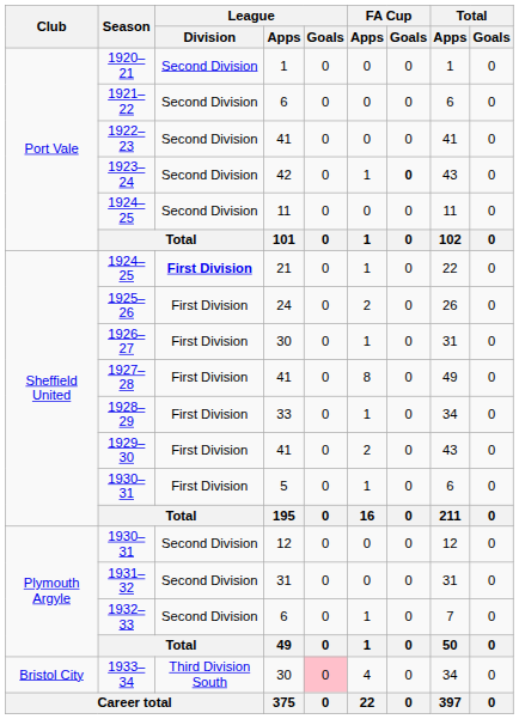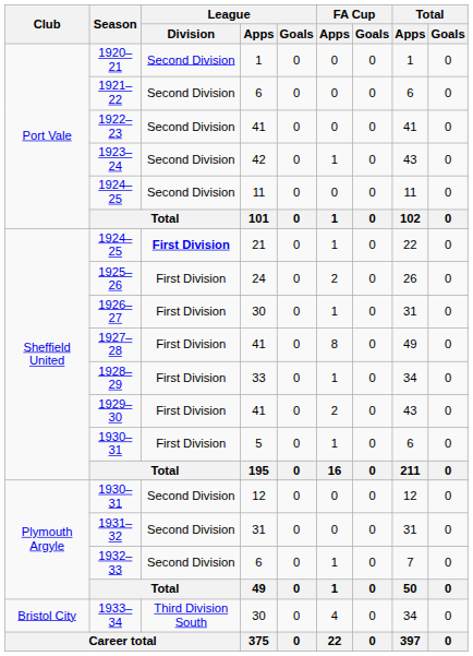 <table class="wikitable" style="text-align: center;">
 <tr>
 <th rowspan="2">Club</th>
 <th rowspan="2">Season</th>
 <th colspan="3">League</th>
 <th colspan="2">FA Cup</th>
 <th colspan="2">Total</th>
 </tr>
 <tr>
 <th>Division</th>
 <th>Apps</th>
 <th>Goals</th>
 <th>Apps</th>
 <th>Goals</th>
 <th>Apps</th>
 <th>Goals</th>
 </tr>
 <tr>
 <td rowspan="6"><a href='#'>Port Vale</a></td>
 <td><a href='#'>1920–21</a></td>
 <td><a href='#'>Second Division</a></td>
 <td>1</td>
 <td>0</td>
 <td>0</td>
 <td>0</td>
 <td>1</td>
 <td>0</td>
 </tr>
 <tr>
 <td><a href='#'>1921–22</a></td>
 <td>Second Division</td>
 <td>6</td>
 <td>0</td>
 <td>0</td>
 <td>0</td>
 <td>6</td>
 <td>0</td>
 </tr>
 <tr>
 <td><a href='#'>1922–23</a></td>
 <td>Second Division</td>
 <td>41</td>
 <td>0</td>
 <td>0</td>
 <td>0</td>
 <td>41</td>
 <td>0</td>
 </tr>
 <tr>
 <td><a href='#'>1923–24</a></td>
 <td>Second Division</td>
 <td>42</td>
 <td>0</td>
 <td>1</td>
-<td><strong>0</strong></td>
+<td>0</td>
 <td>43</td>
 <td>0</td>
 </tr>
 <tr>
 <td><a href='#'>1924–25</a></td>
 <td>Second Division</td>
 <td>11</td>
 <td>0</td>
 <td>0</td>
 <td>0</td>
 <td>11</td>
 <td>0</td>
 </tr>
 <tr>
 <th colspan="2">Total</th>
 <th>101</th>
 <th>0</th>
 <th>1</th>
 <th>0</th>
 <th>102</th>
 <th>0</th>
 </tr>
 <tr>
 <td rowspan="8"><a href='#'>Sheffield United</a></td>
 <td><a href='#'>1924–25</a></td>
 <td><strong><a href='#'>First Division</a></strong></td>
 <td>21</td>
 <td>0</td>
 <td>1</td>
 <td>0</td>
 <td>22</td>
 <td>0</td>
 </tr>
 <tr>
 <td><a href='#'>1925–26</a></td>
 <td>First Division</td>
 <td>24</td>
 <td>0</td>
 <td>2</td>
 <td>0</td>
 <td>26</td>
 <td>0</td>
 </tr>
 <tr>
 <td><a href='#'>1926–27</a></td>
 <td>First Division</td>
 <td>30</td>
 <td>0</td>
 <td>1</td>
 <td>0</td>
 <td>31</td>
 <td>0</td>
 </tr>
 <tr>
 <td><a href='#'>1927–28</a></td>
 <td>First Division</td>
 <td>41</td>
 <td>0</td>
 <td>8</td>
 <td>0</td>
 <td>49</td>
 <td>0</td>
 </tr>
 <tr>
 <td><a href='#'>1928–29</a></td>
 <td>First Division</td>
 <td>33</td>
 <td>0</td>
 <td>1</td>
 <td>0</td>
 <td>34</td>
 <td>0</td>
 </tr>
 <tr>
 <td><a href='#'>1929–30</a></td>
 <td>First Division</td>
 <td>41</td>
 <td>0</td>
 <td>2</td>
 <td>0</td>
 <td>43</td>
 <td>0</td>
 </tr>
 <tr>
 <td><a href='#'>1930–31</a></td>
 <td>First Division</td>
 <td>5</td>
 <td>0</td>
 <td>1</td>
 <td>0</td>
 <td>6</td>
 <td>0</td>
 </tr>
 <tr>
 <th colspan="2">Total</th>
 <th>195</th>
 <th>0</th>
 <th>16</th>
 <th>0</th>
 <th>211</th>
 <th>0</th>
 </tr>
 <tr>
 <td rowspan="4"><a href='#'>Plymouth Argyle</a></td>
 <td><a href='#'>1930–31</a></td>
 <td>Second Division</td>
 <td>12</td>
 <td>0</td>
 <td>0</td>
 <td>0</td>
 <td>12</td>
 <td>0</td>
 </tr>
 <tr>
 <td><a href='#'>1931–32</a></td>
 <td>Second Division</td>
 <td>31</td>
 <td>0</td>
 <td>0</td>
 <td>0</td>
 <td>31</td>
 <td>0</td>
 </tr>
 <tr>
 <td><a href='#'>1932–33</a></td>
 <td>Second Division</td>
 <td>6</td>
 <td>0</td>
 <td>1</td>
 <td>0</td>
 <td>7</td>
 <td>0</td>
 </tr>
 <tr>
 <th colspan="2">Total</th>
 <th>49</th>
 <th>0</th>
 <th>1</th>
 <th>0</th>
 <th>50</th>
 <th>0</th>
 </tr>
 <tr>
 <td><a href='#'>Bristol City</a></td>
 <td><a href='#'>1933–34</a></td>
 <td><a href='#'>Third Division South</a></td>
 <td>30</td>
-<td style="background: pink;">0</td>
+<td>0</td>
 <td>4</td>
 <td>0</td>
 <td>34</td>
 <td>0</td>
 </tr>
 <tr>
 <th colspan="3">Career total</th>
 <th>375</th>
 <th>0</th>
 <th>22</th>
 <th>0</th>
 <th>397</th>
 <th>0</th>
 </tr>
 </table>
